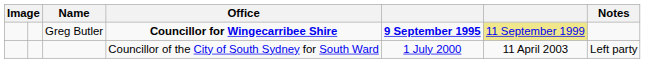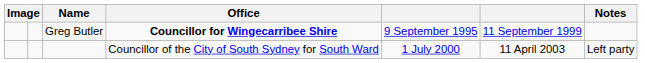 <table class="wikitable" style="text-align:center" "width:100%">
 <tr>
 <th colspan=2>Image</th>
 <th>Name<br></th>
 <th>Office</th>
 <th></th>
 <th></th>
 <th>Notes</th>
 </tr>
 <tr>
 <td> </td>
 <td></td>
 <td>Greg Butler</td>
 <td><strong>Councillor for <a href='#'>Wingecarribee Shire</a></strong></td>
-<td><strong><a href='#'>9 September 1995</a></strong></td>
-<td style="background: khaki;"><a href='#'>11 September 1999</a></td>
+<td><a href='#'>9 September 1995</a></td>
+<td><a href='#'>11 September 1999</a></td>
 <td></td>
 </tr>
 <tr>
 <td> </td>
 <td></td>
 <td></td>
 <td>Councillor of the <a href='#'>City of South Sydney</a> for <a href='#'>South Ward</a></td>
 <td><a href='#'>1 July 2000</a></td>
 <td>11 April 2003</td>
 <td>Left party</td>
 </tr>
 </table>
